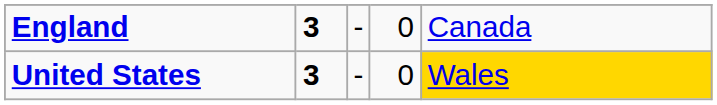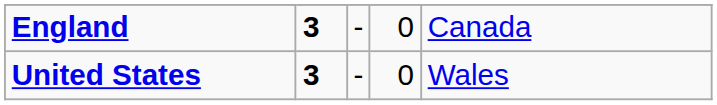 <table class="wikitable">
 <tr>
 <td width=150> <strong><a href='#'>England</a></strong></td>
 <td style="width:20px; text-align:left;"><strong>3</strong></td>
 <td>-</td>
 <td style="width:20px; text-align:right;">0</td>
 <td width=150> <a href='#'>Canada</a></td>
 </tr>
 <tr>
 <td> <strong><a href='#'>United States</a></strong></td>
 <td style="text-align:left;"><strong>3</strong></td>
 <td>-</td>
 <td style="text-align:right;">0</td>
-<td style="background: gold;"> <a href='#'>Wales</a></td>
+<td> <a href='#'>Wales</a></td>
 </tr>
 </table>
